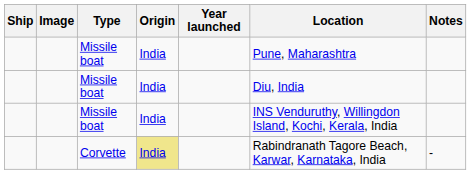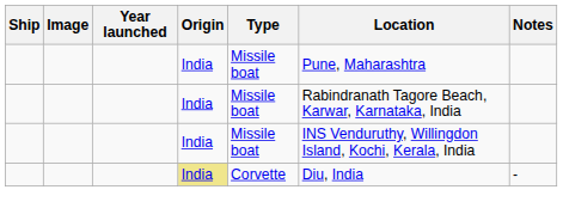 <table class="wikitable sortable">
 <tr>
 <th>Ship</th>
 <th>Image</th>
+<th>Year launched</th>
+<th>Origin</th>
 <th>Type</th>
-<th>Origin</th>
-<th>Year launched</th>
 <th>Location</th>
 <th>Notes</th>
 </tr>
 <tr>
 <td data-sort-value=Chamak></td>
 <td></td>
+<td></td>
+<td> <a href='#'>India</a></td>
 <td><a href='#'>Missile boat</a></td>
-<td> <a href='#'>India</a></td>
-<td></td>
 <td><a href='#'>Pune</a>, <a href='#'>Maharashtra</a></td>
 <td></td>
 </tr>
 <tr>
 <td data-sort-value=Chapal></td>
 <td></td>
+<td></td>
+<td> <a href='#'>India</a></td>
 <td><a href='#'>Missile boat</a></td>
-<td> <a href='#'>India</a></td>
-<td></td>
-<td><a href='#'>Diu</a>, <a href='#'>India</a><br></td>
+<td>Rabindranath Tagore Beach, <a href='#'>Karwar</a>, <a href='#'>Karnataka</a>, India<br></td>
 <td></td>
 </tr>
 <tr>
 <td data-sort-value=Chatak></td>
 <td></td>
+<td></td>
+<td> <a href='#'>India</a></td>
 <td><a href='#'>Missile boat</a></td>
-<td> <a href='#'>India</a></td>
-<td></td>
 <td><a href='#'>INS Venduruthy</a>, <a href='#'>Willingdon Island</a>, <a href='#'>Kochi</a>, <a href='#'>Kerala</a>, India<br></td>
 <td></td>
 </tr>
 <tr>
 <td data-sort-value=Khukri></td>
 <td></td>
+<td></td>
+<td style="background: khaki;"> <a href='#'>India</a></td>
 <td><a href='#'>Corvette</a></td>
-<td style="background: khaki;"> <a href='#'>India</a></td>
-<td></td>
-<td>Rabindranath Tagore Beach, <a href='#'>Karwar</a>, <a href='#'>Karnataka</a>, India<br></td>
+<td><a href='#'>Diu</a>, <a href='#'>India</a><br></td>
 <td>-</td>
 </tr>
 </table>
